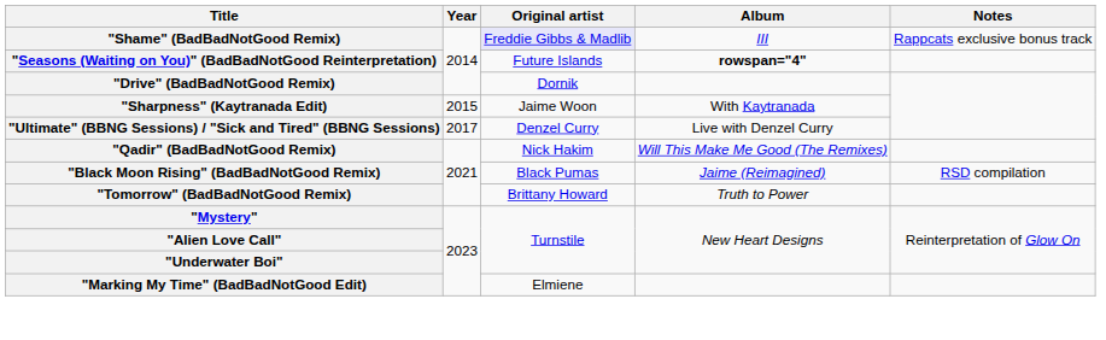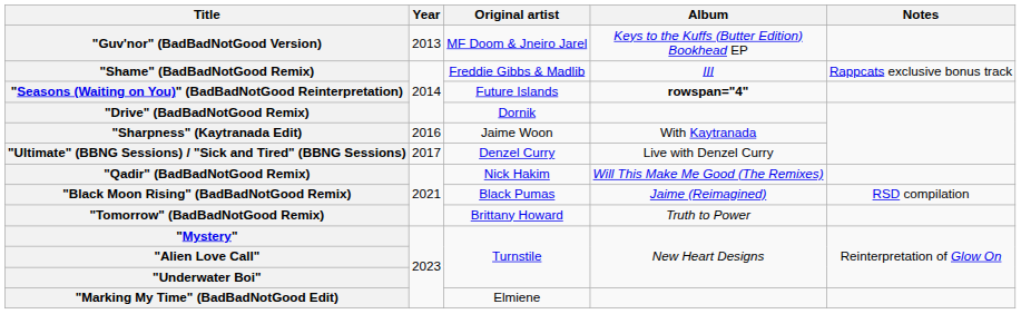 <table class="wikitable plainrowheaders" style="text-align:center;">
 <tr>
 <th scope="col">Title</th>
 <th scope="col">Year</th>
 <th scope="col">Original artist</th>
 <th scope="col">Album</th>
 <th>Notes</th>
 </tr>
 <tr>
+<th scope="row">"Guv'nor" (BadBadNotGood Version)</th>
+<td>2013</td>
+<td><a href='#'>MF Doom & Jneiro Jarel</a></td>
+<td><em><a href='#'>Keys to the Kuffs (Butter Edition)</a></em><br><em><a href='#'>Bookhead</a></em> EP</td>
+<td></td>
+</tr>
+<tr>
 <th scope="row">"Shame" (BadBadNotGood Remix)</th>
 <td rowspan="3">2014</td>
-<td style="background: lavender;"><a href='#'>Freddie Gibbs & Madlib</a></td>
+<td><a href='#'>Freddie Gibbs & Madlib</a></td>
 <td><em><a href='#'>III</a></em></td>
 <td><a href='#'>Rappcats</a> exclusive bonus track</td>
 </tr>
 <tr>
 <th scope="row">"<a href='#'>Seasons (Waiting on You)</a>" (BadBadNotGood Reinterpretation)</th>
 <td><a href='#'>Future Islands</a></td>
 <td><strong>rowspan="4" </strong></td>
 <td></td>
 </tr>
 <tr>
 <th scope="row">"Drive" (BadBadNotGood Remix)</th>
 <td><a href='#'>Dornik</a></td>
 <td></td>
 </tr>
 <tr>
 <th scope="row">"Sharpness" (Kaytranada Edit)</th>
-<td>2015</td>
+<td>2016</td>
 <td>Jaime Woon</td>
 <td>With <a href='#'>Kaytranada</a></td>
 </tr>
 <tr>
 <th scope="row">"Ultimate" (BBNG Sessions) / "Sick and Tired" (BBNG Sessions)</th>
 <td>2017</td>
 <td><a href='#'>Denzel Curry</a></td>
 <td>Live with Denzel Curry</td>
 </tr>
 <tr>
 <th scope="row">"Qadir" (BadBadNotGood Remix)</th>
 <td rowspan="3">2021</td>
 <td><a href='#'>Nick Hakim</a></td>
 <td><em><a href='#'>Will This Make Me Good (The Remixes)</a></em></td>
 <td></td>
 </tr>
 <tr>
 <th scope="row">"Black Moon Rising" (BadBadNotGood Remix)</th>
 <td><a href='#'>Black Pumas</a></td>
 <td><em><a href='#'>Jaime (Reimagined)</a></em></td>
 <td><a href='#'>RSD</a> compilation</td>
 </tr>
 <tr>
 <th scope="row">"Tomorrow" (BadBadNotGood Remix)</th>
 <td><a href='#'>Brittany Howard</a></td>
 <td><em>Truth to Power</em></td>
 <td></td>
 </tr>
 <tr>
 <th scope="row">"<a href='#'>Mystery</a>"</th>
 <td rowspan="4">2023</td>
 <td rowspan="3"><a href='#'>Turnstile</a></td>
 <td rowspan="3"><em>New Heart Designs</em></td>
 <td rowspan="3">Reinterpretation of <em><a href='#'>Glow On</a></em></td>
 </tr>
 <tr>
 <th scope="row">"Alien Love Call"</th>
 </tr>
 <tr>
 <th scope="row">"Underwater Boi"</th>
 </tr>
 <tr>
 <th scope="row">"Marking My Time" (BadBadNotGood Edit)</th>
 <td>Elmiene</td>
 <td></td>
 <td></td>
 </tr>
 </table>
